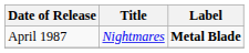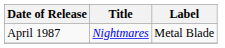 <table class="wikitable">
 <tr>
 <th>Date of Release</th>
 <th>Title</th>
 <th>Label</th>
 </tr>
 <tr>
 <td>April 1987</td>
 <td><em><a href='#'>Nightmares</a></em></td>
-<td><strong>Metal Blade</strong></td>
+<td>Metal Blade</td>
 </tr>
 <tr>
 </tr>
 </table>
